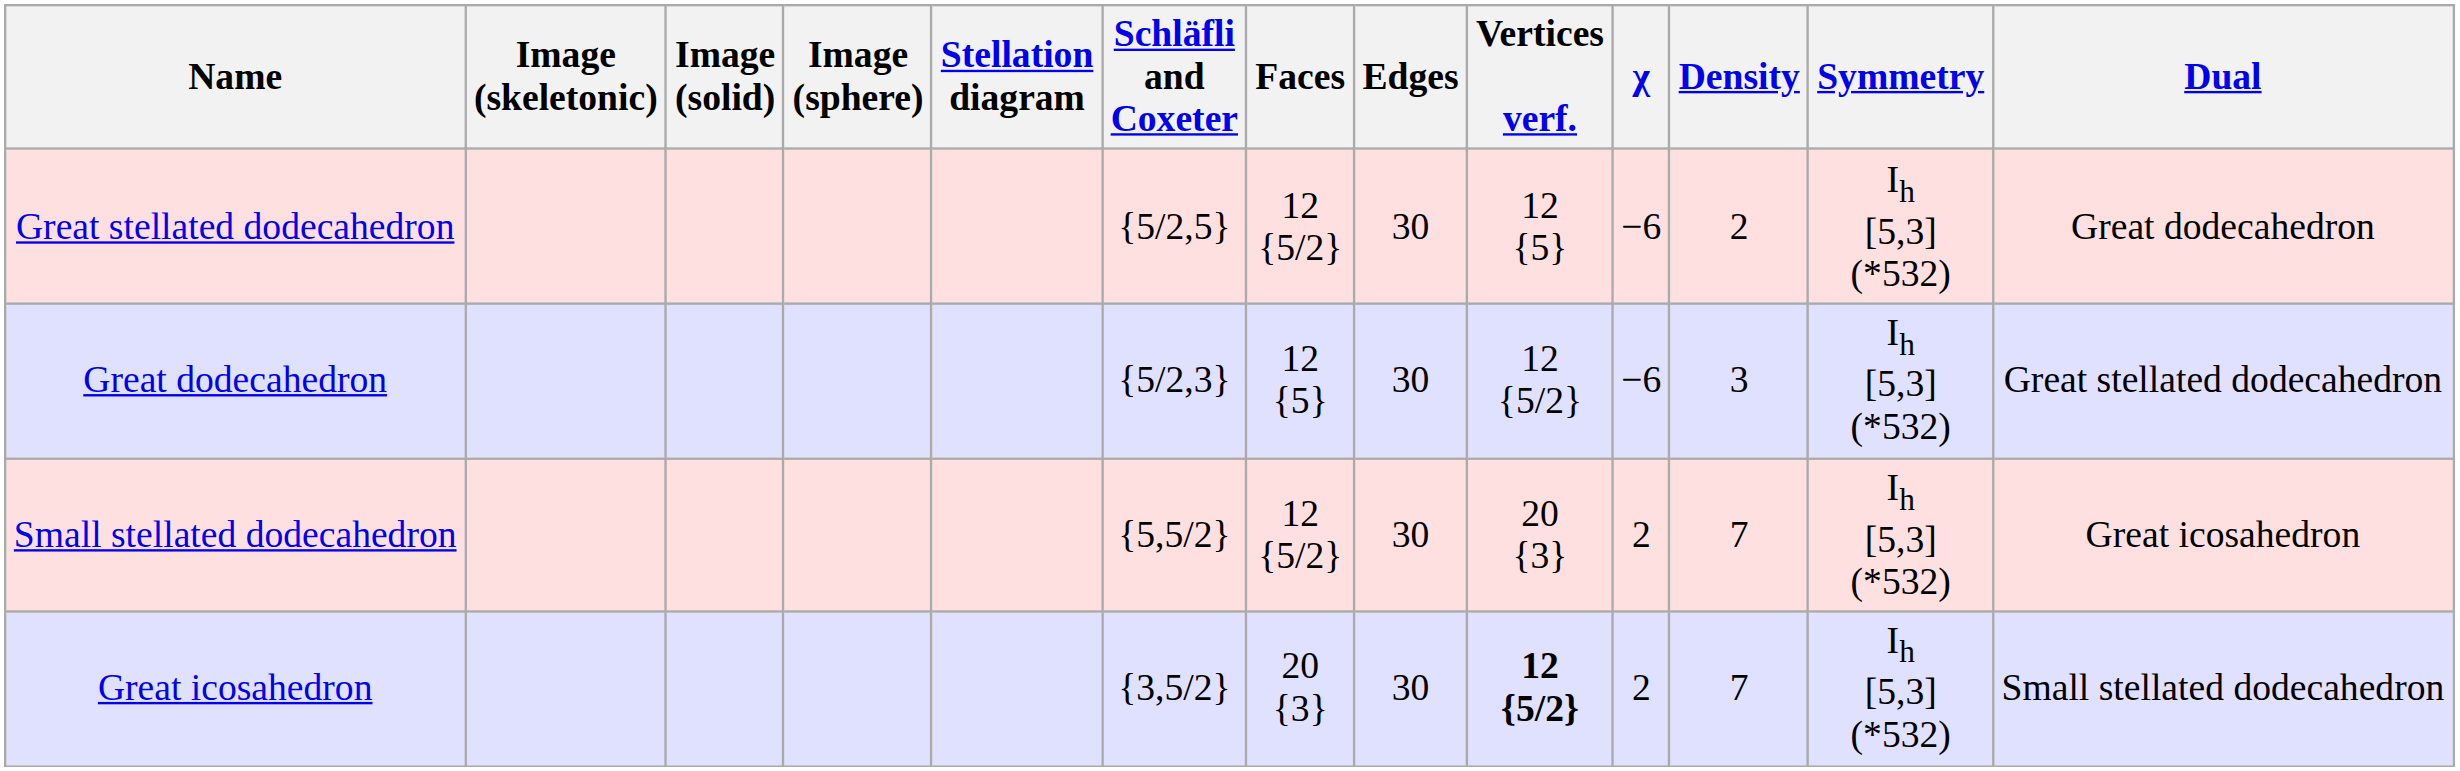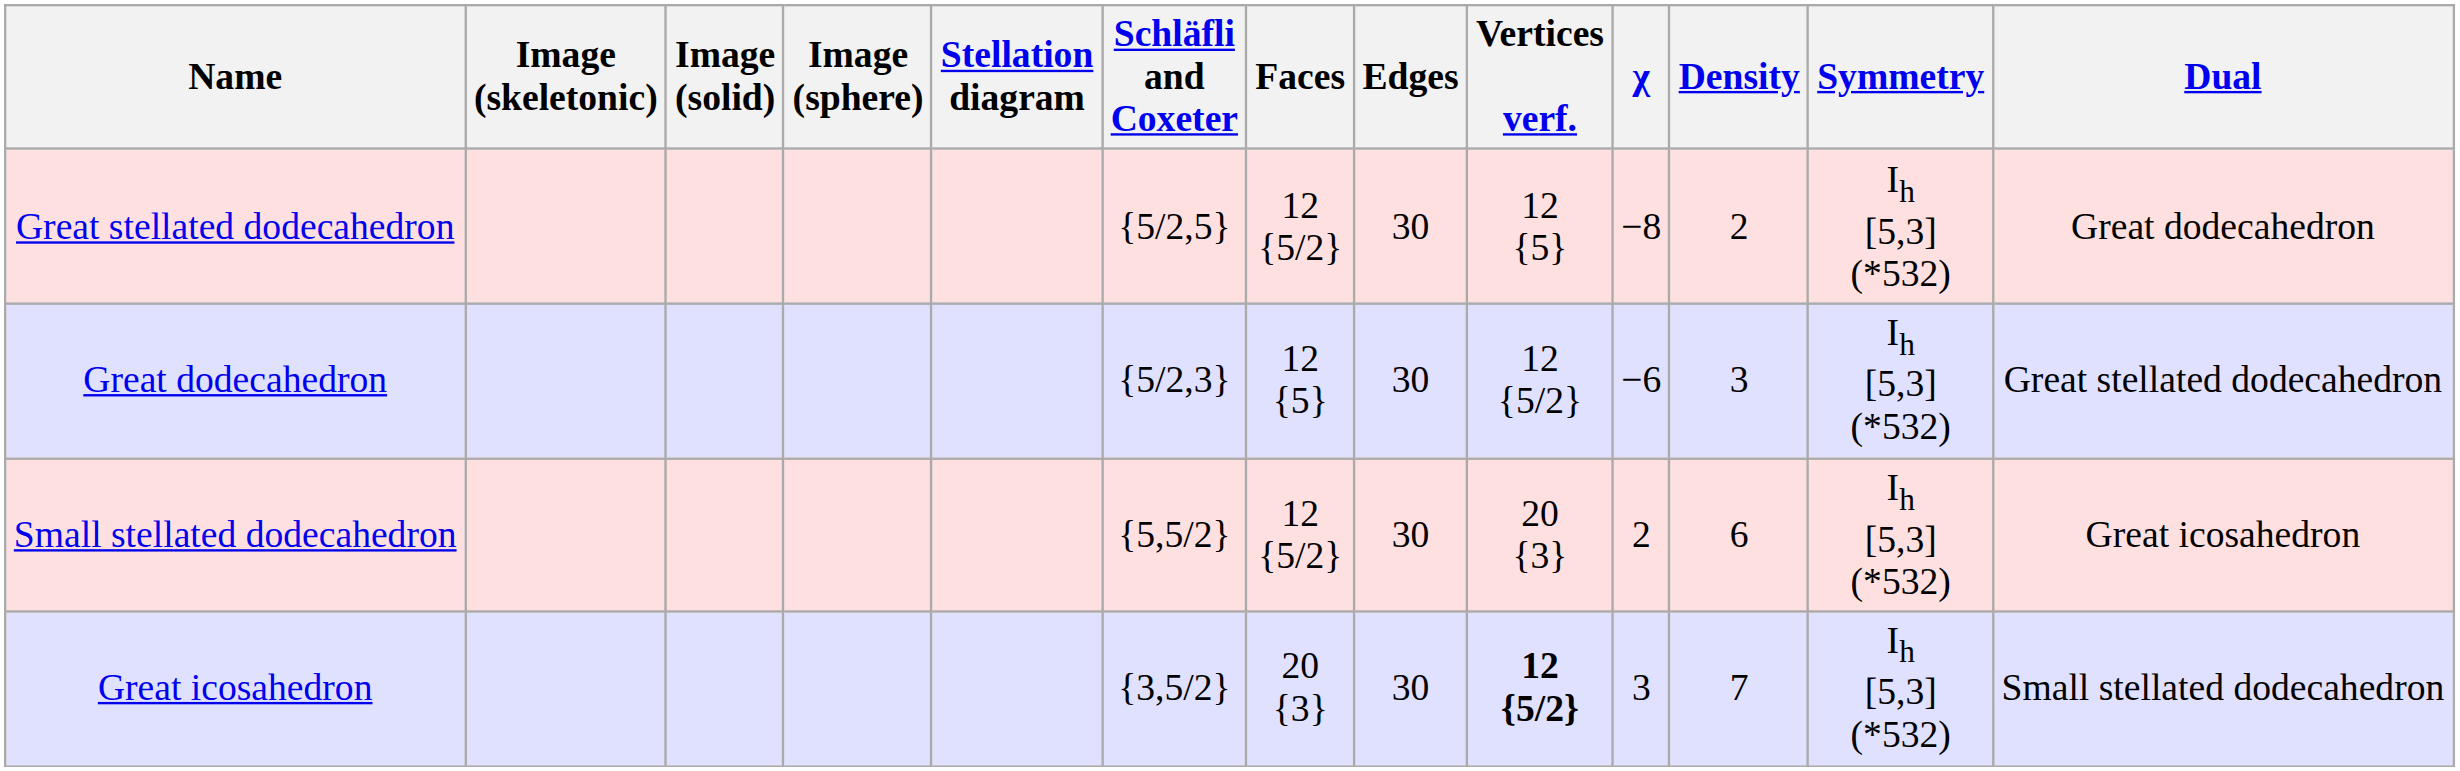 <table class="wikitable">
 <tr>
 <th>Name</th>
 <th>Image<br>(skeletonic)</th>
 <th>Image<br>(solid)</th>
 <th>Image<br>(sphere)</th>
 <th><a href='#'>Stellation</a><br>diagram</th>
 <th><a href='#'>Schläfli</a><br> and<br><a href='#'>Coxeter</a></th>
 <th>Faces<br></th>
 <th>Edges</th>
 <th>Vertices<br><br><a href='#'>verf.</a></th>
 <th><a href='#'>χ</a></th>
 <th><a href='#'>Density</a></th>
 <th><a href='#'>Symmetry</a></th>
 <th><a href='#'>Dual</a></th>
 </tr>
 <tr BGCOLOR="#ffe0e0" align=center>
 <td><a href='#'>Great stellated dodecahedron</a></td>
 <td></td>
 <td></td>
 <td></td>
 <td></td>
 <td>{5/2,5}<br></td>
 <td>12<br>{5/2}<br></td>
 <td>30</td>
 <td>12<br>{5}<br></td>
-<td>−6</td>
+<td>−8</td>
 <td>2</td>
 <td>I<sub>h</sub><br>[5,3]<br>(*532)</td>
 <td>Great dodecahedron</td>
 </tr>
 <tr BGCOLOR="#e0e0ff" align=center>
 <td><a href='#'>Great dodecahedron</a></td>
 <td></td>
 <td></td>
 <td></td>
 <td></td>
 <td>{5/2,3}<br></td>
 <td>12<br>{5}<br></td>
 <td>30</td>
 <td>12<br>{5/2}<br></td>
 <td>−6</td>
 <td>3</td>
 <td>I<sub>h</sub><br>[5,3]<br>(*532)</td>
 <td>Great stellated dodecahedron</td>
 </tr>
 <tr BGCOLOR="#ffe0e0" align=center>
 <td><a href='#'>Small stellated dodecahedron</a></td>
 <td></td>
 <td></td>
 <td></td>
 <td></td>
 <td>{5,5/2}<br></td>
 <td>12<br>{5/2}<br></td>
 <td>30</td>
 <td>20<br>{3}<br></td>
 <td>2</td>
-<td>7</td>
+<td>6</td>
 <td>I<sub>h</sub><br>[5,3]<br>(*532)</td>
 <td>Great icosahedron</td>
 </tr>
 <tr BGCOLOR="#e0e0ff" align=center>
 <td><a href='#'>Great icosahedron</a></td>
 <td></td>
 <td></td>
 <td></td>
 <td></td>
 <td>{3,5/2}<br></td>
 <td>20<br>{3}<br></td>
 <td>30</td>
 <td><strong>12<br>{5/2}<br></strong></td>
-<td>2</td>
+<td>3</td>
 <td>7</td>
 <td>I<sub>h</sub><br>[5,3]<br>(*532)</td>
 <td>Small stellated dodecahedron</td>
 </tr>
 </table>
